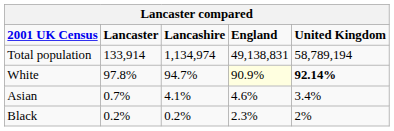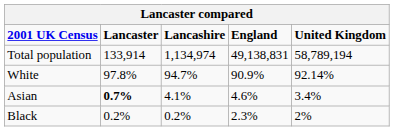 <table class="wikitable" id="toc" ; margin-left: 1em; width: 40%; font-size: 90%;" cellspacing="5">
 <tr>
 <th colspan="5"><strong>Lancaster compared</strong></th>
 </tr>
 <tr>
 <td><strong><a href='#'>2001 UK Census</a></strong></td>
 <td><strong>Lancaster</strong></td>
 <td><strong>Lancashire</strong></td>
 <td><strong>England</strong></td>
 <td><strong>United Kingdom</strong></td>
 </tr>
 <tr>
 <td>Total population</td>
 <td>133,914</td>
 <td>1,134,974</td>
 <td>49,138,831</td>
 <td>58,789,194</td>
 </tr>
 <tr>
 <td>White</td>
 <td>97.8%</td>
 <td>94.7%</td>
-<td style="background: lightyellow;">90.9%</td>
-<td><strong>92.14%</strong></td>
+<td>90.9%</td>
+<td>92.14%</td>
 </tr>
 <tr>
 <td>Asian</td>
-<td>0.7%</td>
+<td><strong>0.7%</strong></td>
 <td>4.1%</td>
 <td>4.6%</td>
 <td>3.4%</td>
 </tr>
 <tr>
 <td>Black</td>
 <td>0.2%</td>
 <td>0.2%</td>
 <td>2.3%</td>
 <td>2%</td>
 </tr>
 </table>
